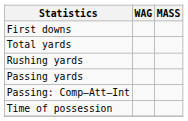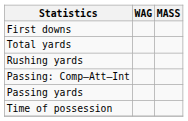 <table class="wikitable" style="float: left;">
 <tr>
 <th>Statistics</th>
 <th>WAG</th>
 <th>MASS</th>
 </tr>
 <tr>
 <td>First downs</td>
 <td></td>
 <td></td>
 </tr>
 <tr>
 <td>Total yards</td>
 <td></td>
 <td></td>
 </tr>
 <tr>
 <td>Rushing yards</td>
 <td></td>
 <td></td>
 </tr>
 <tr>
-<td>Passing yards</td>
+<td>Passing: Comp–Att–Int</td>
 <td></td>
 <td></td>
 </tr>
 <tr>
-<td>Passing: Comp–Att–Int</td>
+<td>Passing yards</td>
 <td></td>
 <td></td>
 </tr>
 <tr>
 <td>Time of possession</td>
 <td></td>
 <td></td>
 </tr>
 <tr>
 </tr>
 </table>
